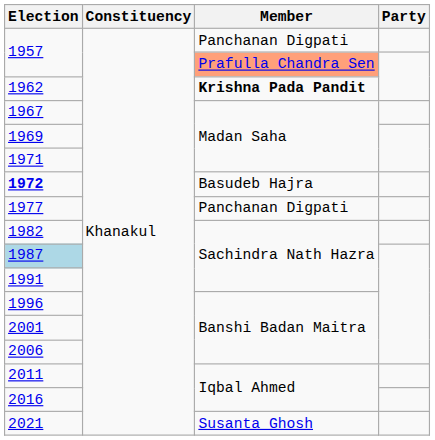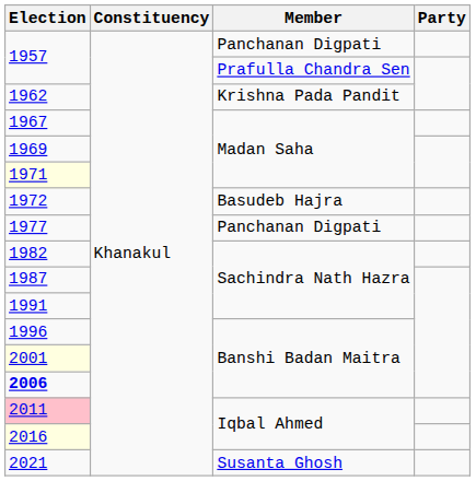 <table class="wikitable sortable"ìÍĦĤĠčw>
 <tr>
 <th>Election</th>
 <th>Constituency</th>
 <th>Member</th>
 <th colspan=2>Party</th>
 </tr>
 <tr>
 <td rowspan=2><a href='#'>1957</a></td>
 <td rowspan=17>Khanakul</td>
 <td>Panchanan Digpati</td>
 <td></td>
 </tr>
 <tr>
-<td style="background: lightsalmon;"><a href='#'>Prafulla Chandra Sen</a></td>
+<td><a href='#'>Prafulla Chandra Sen</a></td>
 </tr>
 <tr>
 <td><a href='#'>1962</a></td>
-<td><strong>Krishna Pada Pandit</strong></td>
+<td>Krishna Pada Pandit</td>
 </tr>
 <tr>
 <td><a href='#'>1967</a></td>
 <td rowspan=3>Madan Saha</td>
 <td></td>
 </tr>
 <tr>
 <td><a href='#'>1969</a></td>
 </tr>
 <tr>
-<td><a href='#'>1971</a></td>
+<td style="background: lightyellow;"><a href='#'>1971</a></td>
 </tr>
 <tr>
-<td><strong><a href='#'>1972</a></strong></td>
+<td><a href='#'>1972</a></td>
 <td>Basudeb Hajra</td>
 <td></td>
 </tr>
 <tr>
 <td><a href='#'>1977</a></td>
 <td>Panchanan Digpati</td>
 <td></td>
 </tr>
 <tr>
 <td><a href='#'>1982</a></td>
 <td rowspan=3>Sachindra Nath Hazra</td>
 <td></td>
 </tr>
 <tr>
-<td style="background: lightblue;"><a href='#'>1987</a></td>
+<td><a href='#'>1987</a></td>
 </tr>
 <tr>
 <td><a href='#'>1991</a></td>
 </tr>
 <tr>
 <td><a href='#'>1996</a></td>
 <td rowspan=3>Banshi Badan Maitra</td>
 </tr>
 <tr>
-<td><a href='#'>2001</a></td>
+<td style="background: lightyellow;"><a href='#'>2001</a></td>
 </tr>
 <tr>
-<td><a href='#'>2006</a></td>
+<td><strong><a href='#'>2006</a></strong></td>
 </tr>
 <tr>
-<td><a href='#'>2011</a></td>
+<td style="background: pink;"><a href='#'>2011</a></td>
 <td rowspan=2>Iqbal Ahmed</td>
 <td></td>
 </tr>
 <tr>
-<td><a href='#'>2016</a></td>
+<td style="background: lightyellow;"><a href='#'>2016</a></td>
 </tr>
 <tr>
 <td><a href='#'>2021</a></td>
 <td><a href='#'>Susanta Ghosh</a></td>
 <td></td>
 </tr>
 </table>
